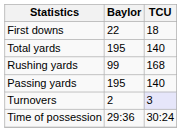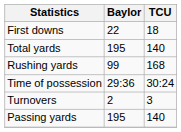 <table class="wikitable" style="float: right;">
 <tr>
 <th>Statistics</th>
 <th>Baylor</th>
 <th>TCU</th>
 </tr>
 <tr>
 <td>First downs</td>
 <td>22</td>
 <td>18</td>
 </tr>
 <tr>
 <td>Total yards</td>
 <td>195</td>
 <td>140</td>
 </tr>
 <tr>
 <td>Rushing yards</td>
 <td>99</td>
 <td>168</td>
 </tr>
 <tr>
+<td>Time of possession</td>
+<td>29:36</td>
+<td>30:24</td>
+</tr>
+<tr>
+<td>Turnovers</td>
+<td>2</td>
+<td>3</td>
+</tr>
+<tr>
 <td>Passing yards</td>
 <td>195</td>
 <td>140</td>
 </tr>
 <tr>
-<td>Turnovers</td>
-<td>2</td>
-<td style="background: lavender;">3</td>
-</tr>
-<tr>
-<td>Time of possession</td>
-<td>29:36</td>
-<td>30:24</td>
-</tr>
-<tr>
 </tr>
 </table>
